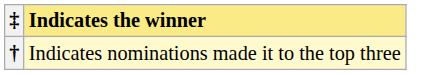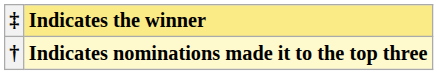 <table class="wikitable">
 <tr>
 <th scope="row" style="text-align:center" style="background:#FAEB86;">‡</th>
 <td style="background:#FAEB86;"><strong>Indicates the winner</strong></td>
 </tr>
 <tr>
 <th scope="row" style="text-align:center" style="background:#FFFACD;">†</th>
-<td style="background:#FFFACD;">Indicates nominations made it to the top three</td>
+<td style="background:#FFFACD;"><strong>Indicates nominations made it to the top three</strong></td>
 </tr>
 </table>
